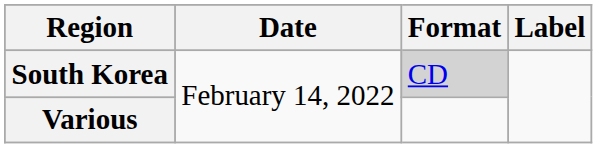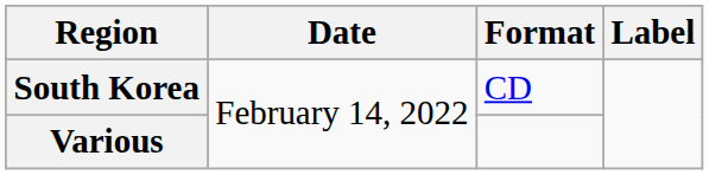 <table class="wikitable plainrowheaders">
 <tr>
 <th scope="col">Region</th>
 <th scope="col">Date</th>
 <th scope="col">Format</th>
 <th scope="col">Label</th>
 </tr>
 <tr>
 <th scope="row">South Korea</th>
 <td rowspan="2">February 14, 2022</td>
-<td style="background: lightgrey;"><a href='#'>CD</a></td>
+<td><a href='#'>CD</a></td>
 <td rowspan="2"></td>
 </tr>
 <tr>
 <th scope="row">Various </th>
 <td></td>
 </tr>
 </table>
